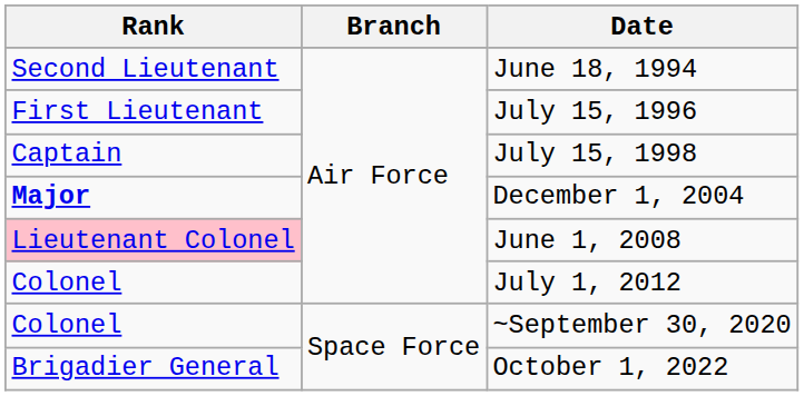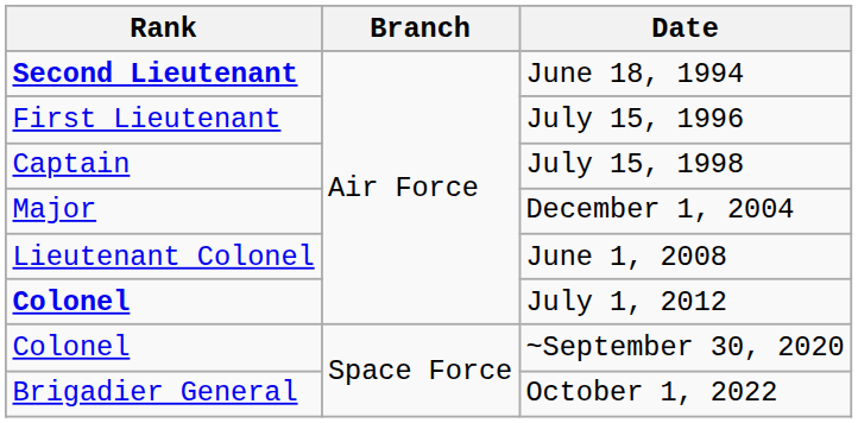 <table class="wikitable">
 <tr>
 <th>Rank</th>
 <th>Branch</th>
 <th>Date</th>
 </tr>
 <tr>
-<td> <a href='#'>Second Lieutenant</a></td>
+<td><strong> <a href='#'>Second Lieutenant</a></strong></td>
 <td rowspan=6>Air Force</td>
 <td>June 18, 1994</td>
 </tr>
 <tr>
 <td> <a href='#'>First Lieutenant</a></td>
 <td>July 15, 1996</td>
 </tr>
 <tr>
 <td> <a href='#'>Captain</a></td>
 <td>July 15, 1998</td>
 </tr>
 <tr>
-<td><strong> <a href='#'>Major</a></strong></td>
+<td> <a href='#'>Major</a></td>
 <td>December 1, 2004</td>
 </tr>
 <tr>
-<td style="background: pink;"> <a href='#'>Lieutenant Colonel</a></td>
+<td> <a href='#'>Lieutenant Colonel</a></td>
 <td>June 1, 2008</td>
 </tr>
 <tr>
-<td> <a href='#'>Colonel</a></td>
+<td><strong> <a href='#'>Colonel</a></strong></td>
 <td>July 1, 2012</td>
 </tr>
 <tr>
 <td> <a href='#'>Colonel</a></td>
 <td rowspan=2>Space Force</td>
 <td>~September 30, 2020</td>
 </tr>
 <tr>
 <td> <a href='#'>Brigadier General</a></td>
 <td>October 1, 2022</td>
 </tr>
 </table>
